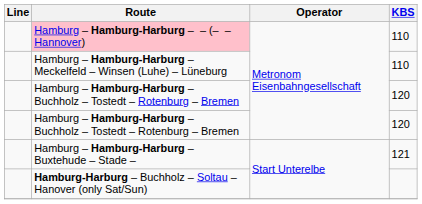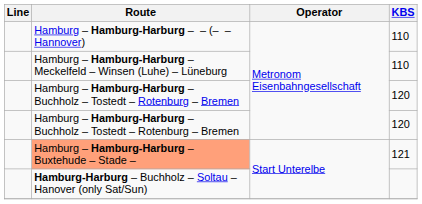 <table class="wikitable">
 <tr>
 <th>Line</th>
 <th>Route</th>
 <th>Operator</th>
 <th><a href='#'>KBS</a></th>
 </tr>
 <tr>
 <td align="center"></td>
-<td style="background: pink;"><a href='#'>Hamburg</a> – <strong>Hamburg-Harburg</strong> –  –  (–  – <a href='#'>Hannover</a>)</td>
+<td><a href='#'>Hamburg</a> – <strong>Hamburg-Harburg</strong> –  –  (–  – <a href='#'>Hannover</a>)</td>
 <td rowspan="4"><a href='#'>Metronom Eisenbahngesellschaft</a></td>
 <td>110</td>
 </tr>
 <tr>
 <td align="center"></td>
 <td>Hamburg – <strong>Hamburg-Harburg</strong> – Meckelfeld – Winsen (Luhe) – Lüneburg</td>
 <td>110</td>
 </tr>
 <tr>
 <td align="center"></td>
 <td>Hamburg – <strong>Hamburg-Harburg</strong> – Buchholz – Tostedt – <a href='#'>Rotenburg</a> – <a href='#'>Bremen</a></td>
 <td>120</td>
 </tr>
 <tr>
 <td align="center"></td>
 <td>Hamburg – <strong>Hamburg-Harburg</strong> – Buchholz – Tostedt – Rotenburg – Bremen</td>
 <td>120</td>
 </tr>
 <tr>
 <td align="center"></td>
-<td>Hamburg – <strong>Hamburg-Harburg</strong> – Buxtehude – Stade – </td>
+<td style="background: lightsalmon;">Hamburg – <strong>Hamburg-Harburg</strong> – Buxtehude – Stade – </td>
 <td rowspan="2"><a href='#'>Start Unterelbe</a></td>
 <td>121</td>
 </tr>
 <tr>
 <td></td>
 <td><strong>Hamburg-Harburg</strong> – Buchholz – <a href='#'>Soltau</a> – Hanover (only Sat/Sun)</td>
 <td></td>
 </tr>
 <tr>
 </tr>
 </table>
